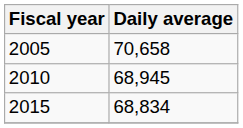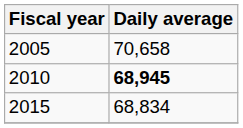 <table class="wikitable">
 <tr>
 <th>Fiscal year</th>
 <th>Daily average</th>
 </tr>
 <tr>
 <td>2005</td>
 <td>70,658</td>
 </tr>
 <tr>
 <td>2010</td>
-<td>68,945</td>
+<td><strong>68,945</strong></td>
 </tr>
 <tr>
 <td>2015</td>
 <td>68,834</td>
 </tr>
 <tr>
 </tr>
 </table>
